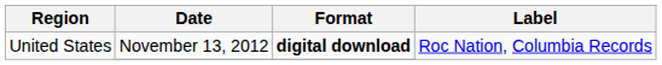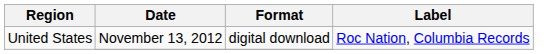 <table class="wikitable sortable">
 <tr>
 <th>Region</th>
 <th>Date</th>
 <th>Format</th>
 <th>Label</th>
 </tr>
 <tr>
 <td rowspan="2">United States</td>
 <td>November 13, 2012</td>
-<td><strong>digital download</strong></td>
+<td>digital download</td>
 <td rowspan="2"><a href='#'>Roc Nation</a>, <a href='#'>Columbia Records</a></td>
 </tr>
 <tr>
 </tr>
 </table>
